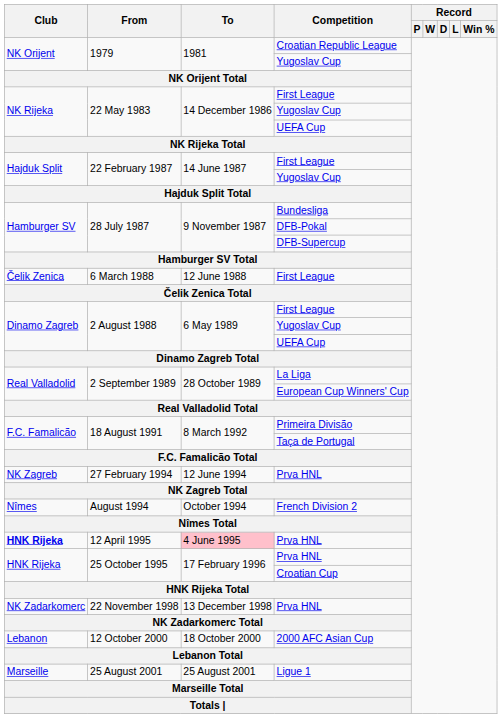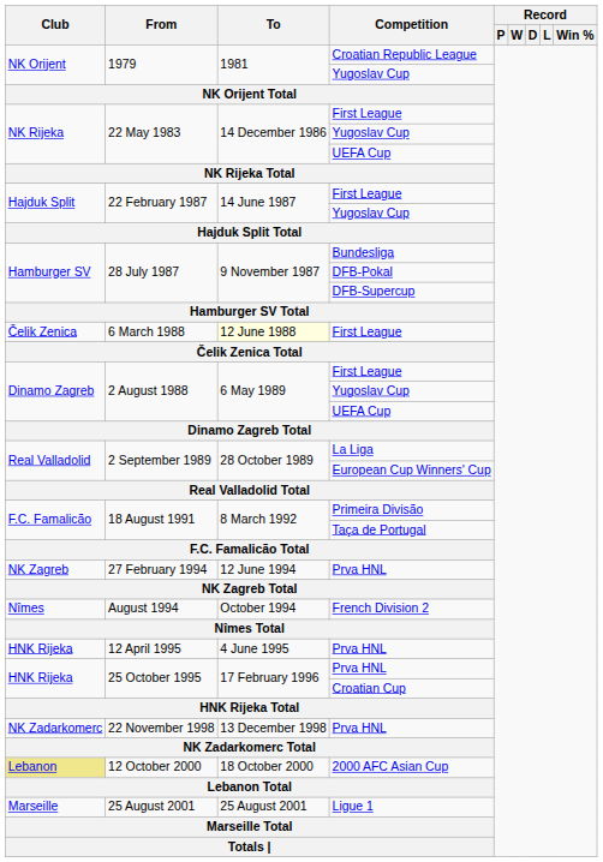 <table class="wikitable" style="text-align: center">
 <tr>
 <th rowspan=2>Club</th>
 <th rowspan=2>From</th>
 <th rowspan=2>To</th>
 <th rowspan=2>Competition</th>
 <th colspan=5>Record</th>
 </tr>
 <tr>
 <th>P</th>
 <th>W</th>
 <th>D</th>
 <th>L</th>
 <th>Win %</th>
 </tr>
 <tr>
 <td rowspan=2 align=left><a href='#'>NK Orijent</a></td>
 <td rowspan=2 align=left>1979</td>
 <td rowspan=2 align=left>1981</td>
 <td align=left><a href='#'>Croatian Republic League</a><br></td>
 </tr>
 <tr>
 <td align=left><a href='#'>Yugoslav Cup</a><br></td>
 </tr>
 <tr>
 <th colspan="4">NK Orijent Total<br></th>
 </tr>
 <tr>
 <td rowspan=3 align=left><a href='#'>NK Rijeka</a></td>
 <td rowspan=3 align=left>22 May 1983</td>
 <td rowspan=3 align=left>14 December 1986</td>
 <td align=left><a href='#'>First League</a><br></td>
 </tr>
 <tr>
 <td align=left><a href='#'>Yugoslav Cup</a><br></td>
 </tr>
 <tr>
 <td align=left><a href='#'>UEFA Cup</a><br></td>
 </tr>
 <tr>
 <th colspan="4">NK Rijeka Total<br></th>
 </tr>
 <tr>
 <td rowspan=2 align=left><a href='#'>Hajduk Split</a></td>
 <td rowspan=2 align=left>22 February 1987</td>
 <td rowspan=2 align=left>14 June 1987</td>
 <td align=left><a href='#'>First League</a><br></td>
 </tr>
 <tr>
 <td align=left><a href='#'>Yugoslav Cup</a><br></td>
 </tr>
 <tr>
 <th colspan="4">Hajduk Split Total<br></th>
 </tr>
 <tr>
 <td rowspan=3 align=left><a href='#'>Hamburger SV</a></td>
 <td rowspan=3 align=left>28 July 1987</td>
 <td rowspan=3 align=left>9 November 1987</td>
 <td align=left><a href='#'>Bundesliga</a><br></td>
 </tr>
 <tr>
 <td align=left><a href='#'>DFB-Pokal</a><br></td>
 </tr>
 <tr>
 <td align=left><a href='#'>DFB-Supercup</a><br></td>
 </tr>
 <tr>
 <th colspan="4">Hamburger SV Total<br></th>
 </tr>
 <tr>
 <td rowspan=1 align=left><a href='#'>Čelik Zenica</a></td>
 <td rowspan=1 align=left>6 March 1988</td>
-<td rowspan=1 align=left>12 June 1988</td>
+<td rowspan=1 align=left style="background: lightyellow;">12 June 1988</td>
 <td align=left><a href='#'>First League</a><br></td>
 </tr>
 <tr>
 <th colspan="4">Čelik Zenica Total<br></th>
 </tr>
 <tr>
 <td rowspan=3 align=left><a href='#'>Dinamo Zagreb</a></td>
 <td rowspan=3 align=left>2 August 1988</td>
 <td rowspan=3 align=left>6 May 1989</td>
 <td align=left><a href='#'>First League</a><br></td>
 </tr>
 <tr>
 <td align=left><a href='#'>Yugoslav Cup</a><br></td>
 </tr>
 <tr>
 <td align=left><a href='#'>UEFA Cup</a><br></td>
 </tr>
 <tr>
 <th colspan="4">Dinamo Zagreb Total<br></th>
 </tr>
 <tr>
 <td rowspan=2 align=left><a href='#'>Real Valladolid</a></td>
 <td rowspan=2 align=left>2 September 1989</td>
 <td rowspan=2 align=left>28 October 1989</td>
 <td align=left><a href='#'>La Liga</a><br></td>
 </tr>
 <tr>
 <td align=left><a href='#'>European Cup Winners' Cup</a><br></td>
 </tr>
 <tr>
 <th colspan="4">Real Valladolid Total<br></th>
 </tr>
 <tr>
 <td rowspan=2 align=left><a href='#'>F.C. Famalicão</a></td>
 <td rowspan=2 align=left>18 August 1991</td>
 <td rowspan=2 align=left>8 March 1992</td>
 <td align=left><a href='#'>Primeira Divisão</a><br></td>
 </tr>
 <tr>
 <td align=left><a href='#'>Taça de Portugal</a><br></td>
 </tr>
 <tr>
 <th colspan="4">F.C. Famalicão Total<br></th>
 </tr>
 <tr>
 <td rowspan=1 align=left><a href='#'>NK Zagreb</a></td>
 <td rowspan=1 align=left>27 February 1994</td>
 <td rowspan=1 align=left>12 June 1994</td>
 <td align=left><a href='#'>Prva HNL</a><br></td>
 </tr>
 <tr>
 <th colspan="4">NK Zagreb Total<br></th>
 </tr>
 <tr>
 <td rowspan=1 align=left><a href='#'>Nîmes</a></td>
 <td rowspan=1 align=left>August 1994</td>
 <td rowspan=1 align=left>October 1994</td>
 <td align=left><a href='#'>French Division 2</a><br></td>
 </tr>
 <tr>
 <th colspan="4">Nîmes Total<br></th>
 </tr>
 <tr>
-<td rowspan=1 align=left><strong><a href='#'>HNK Rijeka</a></strong></td>
+<td rowspan=1 align=left><a href='#'>HNK Rijeka</a></td>
 <td rowspan=1 align=left>12 April 1995</td>
-<td rowspan=1 align=left style="background: pink;">4 June 1995</td>
+<td rowspan=1 align=left>4 June 1995</td>
 <td align=left><a href='#'>Prva HNL</a><br></td>
 </tr>
 <tr>
 <td rowspan=2 align=left><a href='#'>HNK Rijeka</a></td>
 <td rowspan=2 align=left>25 October 1995</td>
 <td rowspan=2 align=left>17 February 1996</td>
 <td align=left><a href='#'>Prva HNL</a><br></td>
 </tr>
 <tr>
 <td align=left><a href='#'>Croatian Cup</a><br></td>
 </tr>
 <tr>
 <th colspan="4">HNK Rijeka Total<br></th>
 </tr>
 <tr>
 <td rowspan=1 align=left><a href='#'>NK Zadarkomerc</a></td>
 <td rowspan=1 align=left>22 November 1998</td>
 <td rowspan=1 align=left>13 December 1998</td>
 <td align=left><a href='#'>Prva HNL</a><br></td>
 </tr>
 <tr>
 <th colspan="4">NK Zadarkomerc Total<br></th>
 </tr>
 <tr>
-<td rowspan=1 align=left><a href='#'>Lebanon</a></td>
+<td rowspan=1 align=left style="background: khaki;"><a href='#'>Lebanon</a></td>
 <td rowspan=1 align=left>12 October 2000</td>
 <td rowspan=1 align=left>18 October 2000</td>
 <td align=left><a href='#'>2000 AFC Asian Cup</a><br></td>
 </tr>
 <tr>
 <th colspan="4">Lebanon Total<br></th>
 </tr>
 <tr>
 <td rowspan=1 align=left><a href='#'>Marseille</a></td>
 <td rowspan=1 align=left>25 August 2001</td>
 <td rowspan=1 align=left>25 August 2001</td>
 <td align=left><a href='#'>Ligue 1</a><br></td>
 </tr>
 <tr>
 <th colspan="4">Marseille Total<br></th>
 </tr>
 <tr>
 <th colspan="4">Totals |</th>
 </tr>
 </table>
